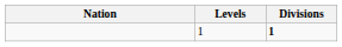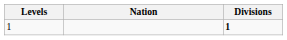 <table class="wikitable">
 <tr>
+<th width=15%>Levels</th>
 <th width=40%>Nation</th>
-<th width=15%>Levels</th>
 <th width=15%>Divisions</th>
 </tr>
 <tr>
+<td>1</td>
 <td></td>
-<td>1</td>
 <td><strong>1</strong></td>
 </tr>
 </table>
